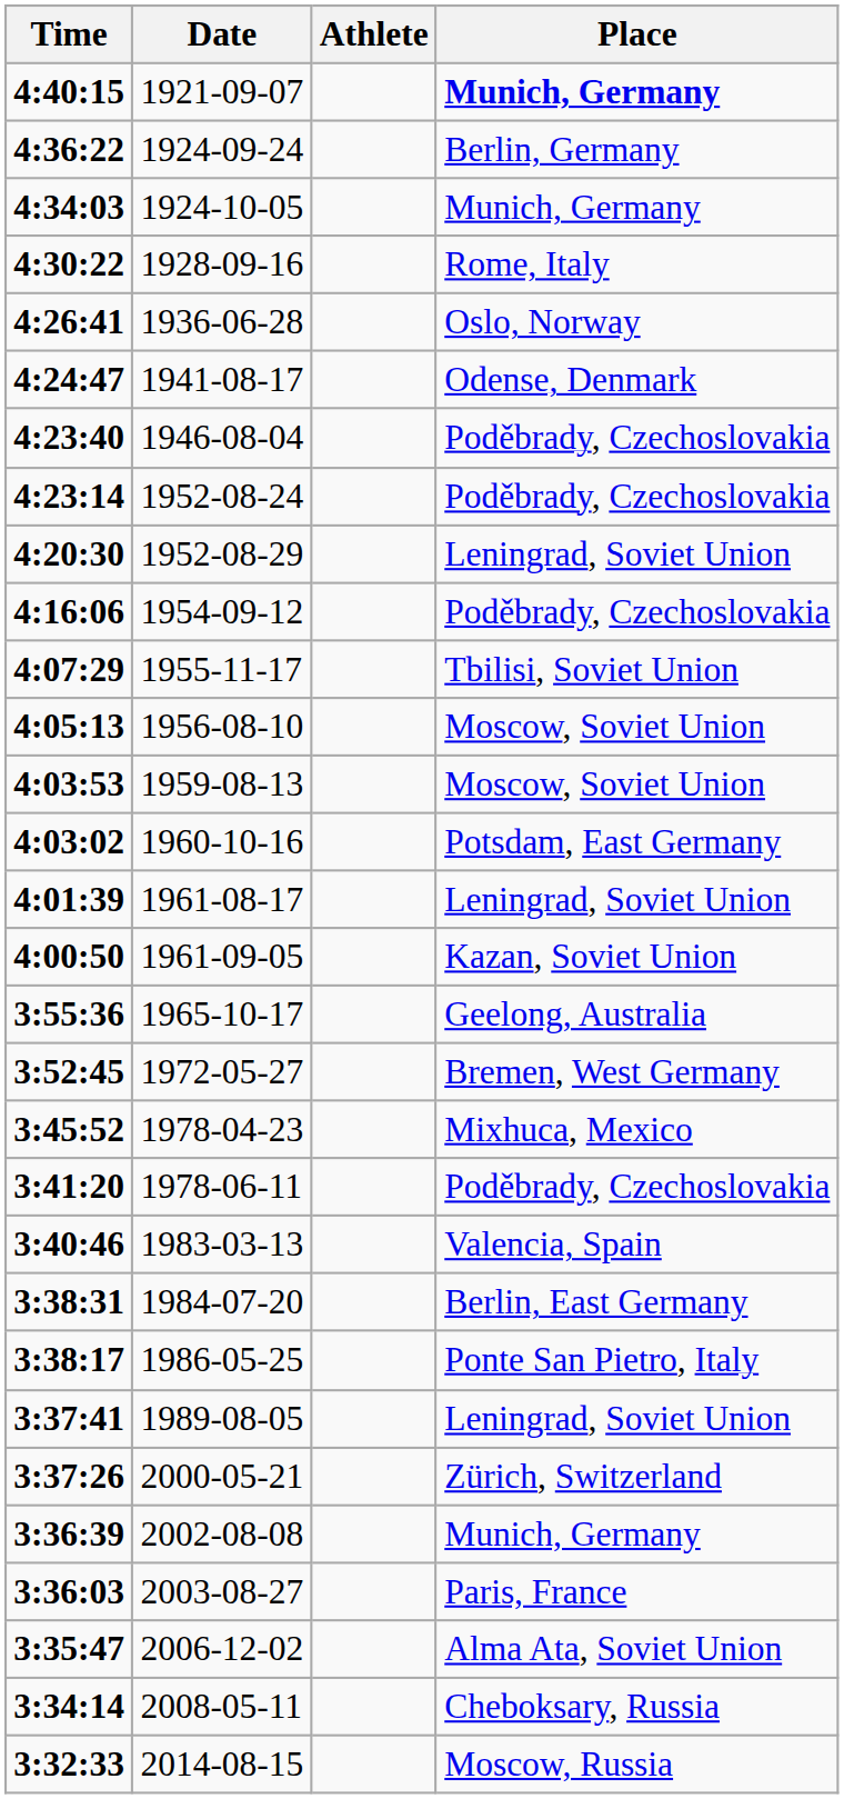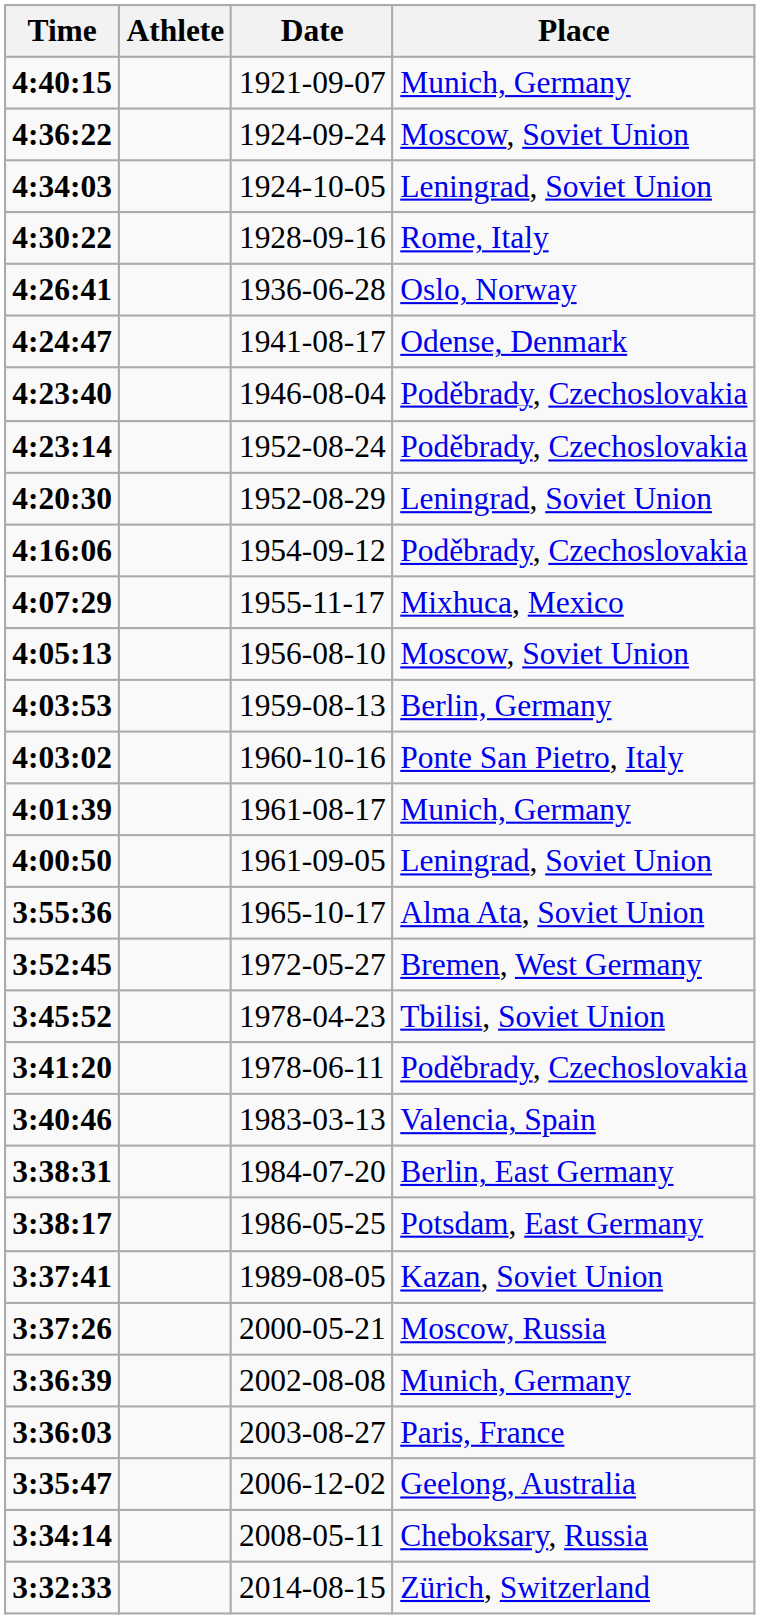 <table class="wikitable sortable" style="font-size:95%">
 <tr>
 <th>Time</th>
+<th>Athlete</th>
 <th>Date</th>
-<th>Athlete</th>
 <th>Place</th>
 </tr>
 <tr>
 <td align=center><strong>4:40:15</strong></td>
+<td></td>
 <td>1921-09-07</td>
-<td></td>
-<td><strong><a href='#'>Munich, Germany</a></strong></td>
+<td><a href='#'>Munich, Germany</a></td>
 </tr>
 <tr>
 <td align=center><strong>4:36:22</strong></td>
+<td></td>
 <td>1924-09-24</td>
-<td></td>
-<td><a href='#'>Berlin, Germany</a></td>
+<td><a href='#'>Moscow</a>, <a href='#'>Soviet Union</a></td>
 </tr>
 <tr>
 <td align=center><strong>4:34:03</strong></td>
+<td></td>
 <td>1924-10-05</td>
-<td></td>
-<td><a href='#'>Munich, Germany</a></td>
+<td><a href='#'>Leningrad</a>, <a href='#'>Soviet Union</a></td>
 </tr>
 <tr>
 <td align=center><strong>4:30:22</strong></td>
+<td></td>
 <td>1928-09-16</td>
-<td></td>
 <td><a href='#'>Rome, Italy</a></td>
 </tr>
 <tr>
 <td align=center><strong>4:26:41</strong></td>
+<td></td>
 <td>1936-06-28</td>
-<td></td>
 <td><a href='#'>Oslo, Norway</a></td>
 </tr>
 <tr>
 <td align=center><strong>4:24:47</strong></td>
+<td></td>
 <td>1941-08-17</td>
-<td></td>
 <td><a href='#'>Odense, Denmark</a></td>
 </tr>
 <tr>
 <td align=center><strong>4:23:40</strong></td>
+<td></td>
 <td>1946-08-04</td>
-<td></td>
 <td><a href='#'>Poděbrady</a>, <a href='#'>Czechoslovakia</a></td>
 </tr>
 <tr>
 <td align=center><strong>4:23:14</strong></td>
+<td></td>
 <td>1952-08-24</td>
-<td></td>
 <td><a href='#'>Poděbrady</a>, <a href='#'>Czechoslovakia</a></td>
 </tr>
 <tr>
 <td align=center><strong>4:20:30</strong></td>
+<td></td>
 <td>1952-08-29</td>
-<td></td>
 <td><a href='#'>Leningrad</a>, <a href='#'>Soviet Union</a></td>
 </tr>
 <tr>
 <td align=center><strong>4:16:06</strong></td>
+<td></td>
 <td>1954-09-12</td>
-<td></td>
 <td><a href='#'>Poděbrady</a>, <a href='#'>Czechoslovakia</a></td>
 </tr>
 <tr>
 <td align=center><strong>4:07:29</strong></td>
+<td></td>
 <td>1955-11-17</td>
-<td></td>
-<td><a href='#'>Tbilisi</a>, <a href='#'>Soviet Union</a></td>
+<td><a href='#'>Mixhuca</a>, <a href='#'>Mexico</a></td>
 </tr>
 <tr>
 <td align=center><strong>4:05:13</strong></td>
+<td></td>
 <td>1956-08-10</td>
-<td></td>
 <td><a href='#'>Moscow</a>, <a href='#'>Soviet Union</a></td>
 </tr>
 <tr>
 <td align=center><strong>4:03:53</strong></td>
+<td></td>
 <td>1959-08-13</td>
-<td></td>
-<td><a href='#'>Moscow</a>, <a href='#'>Soviet Union</a></td>
+<td><a href='#'>Berlin, Germany</a></td>
 </tr>
 <tr>
 <td align=center><strong>4:03:02</strong></td>
+<td></td>
 <td>1960-10-16</td>
-<td></td>
-<td><a href='#'>Potsdam</a>, <a href='#'>East Germany</a></td>
+<td><a href='#'>Ponte San Pietro</a>, <a href='#'>Italy</a></td>
 </tr>
 <tr>
 <td align=center><strong>4:01:39</strong></td>
+<td></td>
 <td>1961-08-17</td>
+<td><a href='#'>Munich, Germany</a></td>
+</tr>
+<tr>
+<td align=center><strong>4:00:50</strong></td>
 <td></td>
+<td>1961-09-05</td>
 <td><a href='#'>Leningrad</a>, <a href='#'>Soviet Union</a></td>
 </tr>
 <tr>
-<td align=center><strong>4:00:50</strong></td>
-<td>1961-09-05</td>
+<td align=center><strong>3:55:36</strong></td>
 <td></td>
-<td><a href='#'>Kazan</a>, <a href='#'>Soviet Union</a></td>
-</tr>
-<tr>
-<td align=center><strong>3:55:36</strong></td>
 <td>1965-10-17</td>
-<td></td>
-<td><a href='#'>Geelong, Australia</a></td>
+<td><a href='#'>Alma Ata</a>, <a href='#'>Soviet Union</a></td>
 </tr>
 <tr>
 <td align=center><strong>3:52:45</strong></td>
+<td></td>
 <td>1972-05-27</td>
-<td></td>
 <td><a href='#'>Bremen</a>, <a href='#'>West Germany</a></td>
 </tr>
 <tr>
 <td align=center><strong>3:45:52</strong></td>
+<td></td>
 <td>1978-04-23</td>
-<td></td>
-<td><a href='#'>Mixhuca</a>, <a href='#'>Mexico</a></td>
+<td><a href='#'>Tbilisi</a>, <a href='#'>Soviet Union</a></td>
 </tr>
 <tr>
 <td align=center><strong>3:41:20</strong></td>
+<td></td>
 <td>1978-06-11</td>
-<td></td>
 <td><a href='#'>Poděbrady</a>, <a href='#'>Czechoslovakia</a></td>
 </tr>
 <tr>
 <td align=center><strong>3:40:46</strong></td>
+<td></td>
 <td>1983-03-13</td>
-<td></td>
 <td><a href='#'>Valencia, Spain</a></td>
 </tr>
 <tr>
 <td align=center><strong>3:38:31</strong></td>
+<td></td>
 <td>1984-07-20</td>
-<td></td>
 <td><a href='#'>Berlin, East Germany</a></td>
 </tr>
 <tr>
 <td align=center><strong>3:38:17</strong></td>
+<td></td>
 <td>1986-05-25</td>
-<td></td>
-<td><a href='#'>Ponte San Pietro</a>, <a href='#'>Italy</a></td>
+<td><a href='#'>Potsdam</a>, <a href='#'>East Germany</a></td>
 </tr>
 <tr>
 <td align=center><strong>3:37:41</strong></td>
+<td></td>
 <td>1989-08-05</td>
-<td></td>
-<td><a href='#'>Leningrad</a>, <a href='#'>Soviet Union</a></td>
+<td><a href='#'>Kazan</a>, <a href='#'>Soviet Union</a></td>
 </tr>
 <tr>
 <td align=center><strong>3:37:26</strong></td>
+<td></td>
 <td>2000-05-21</td>
-<td></td>
-<td><a href='#'>Zürich</a>, <a href='#'>Switzerland</a></td>
+<td><a href='#'>Moscow, Russia</a></td>
 </tr>
 <tr>
 <td align=center><strong>3:36:39</strong></td>
+<td></td>
 <td>2002-08-08</td>
-<td></td>
 <td><a href='#'>Munich, Germany</a></td>
 </tr>
 <tr>
 <td align=center><strong>3:36:03</strong></td>
+<td></td>
 <td>2003-08-27</td>
-<td></td>
 <td><a href='#'>Paris, France</a></td>
 </tr>
 <tr>
 <td align=center><strong>3:35:47</strong></td>
+<td></td>
 <td>2006-12-02</td>
-<td></td>
-<td><a href='#'>Alma Ata</a>, <a href='#'>Soviet Union</a></td>
+<td><a href='#'>Geelong, Australia</a></td>
 </tr>
 <tr>
 <td align=center><strong>3:34:14</strong></td>
+<td></td>
 <td>2008-05-11</td>
-<td></td>
 <td><a href='#'>Cheboksary</a>, <a href='#'>Russia</a></td>
 </tr>
 <tr>
 <td align=center><strong>3:32:33</strong></td>
+<td></td>
 <td>2014-08-15</td>
-<td></td>
-<td><a href='#'>Moscow, Russia</a></td>
+<td><a href='#'>Zürich</a>, <a href='#'>Switzerland</a></td>
 </tr>
 </table>
